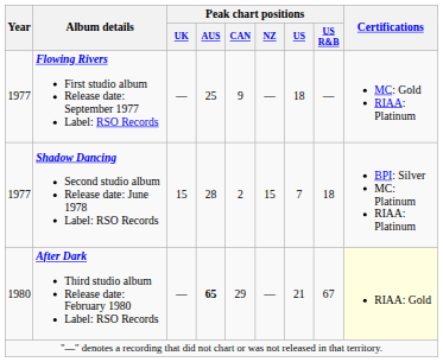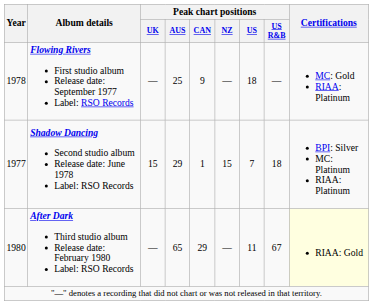 <table class="wikitable" style="text-align:center;">
 <tr>
 <th rowspan="2">Year</th>
 <th rowspan="2">Album details</th>
 <th colspan="6">Peak chart positions</th>
 <th rowspan="2"><a href='#'>Certifications</a></th>
 </tr>
 <tr style="font-size:smaller;">
 <th width="35"><a href='#'>UK</a><br></th>
 <th width="35"><a href='#'>AUS</a><br></th>
 <th width="35"><a href='#'>CAN</a><br></th>
 <th width="35"><a href='#'>NZ</a><br></th>
 <th width="35"><a href='#'>US</a><br></th>
 <th width="35"><a href='#'>US<br>R&B</a><br></th>
 </tr>
 <tr>
-<td>1977</td>
+<td>1978</td>
 <td style="text-align:left;"><strong><em><a href='#'>Flowing Rivers</a></em></strong><br><ul><li>First studio album</li><li>Release date: September 1977</li><li>Label: <a href='#'>RSO Records</a></li></ul></td>
 <td>—</td>
 <td>25</td>
 <td>9</td>
 <td>—</td>
 <td>18</td>
 <td>—</td>
 <td style="text-align:left;"><br><ul><li><a href='#'>MC</a>: Gold</li><li><a href='#'>RIAA</a>: Platinum</li></ul></td>
 </tr>
 <tr>
 <td>1977</td>
 <td style="text-align:left;"><strong><em><a href='#'>Shadow Dancing</a></em></strong><br><ul><li>Second studio album</li><li>Release date: June 1978</li><li>Label: RSO Records</li></ul></td>
 <td>15</td>
-<td>28</td>
-<td>2</td>
+<td>29</td>
+<td>1</td>
 <td>15</td>
 <td>7</td>
 <td>18</td>
 <td style="text-align:left;"><br><ul><li><a href='#'>BPI</a>: Silver</li><li>MC: Platinum</li><li>RIAA: Platinum</li></ul></td>
 </tr>
 <tr>
 <td>1980</td>
 <td style="text-align:left;"><strong><em><a href='#'>After Dark</a></em></strong><br><ul><li>Third studio album</li><li>Release date: February 1980</li><li>Label: RSO Records</li></ul></td>
 <td>—</td>
-<td><strong>65</strong></td>
+<td>65</td>
 <td>29</td>
 <td>—</td>
-<td>21</td>
+<td>11</td>
 <td>67</td>
 <td style="background: lightyellow; text-align:left;"><br><ul><li>RIAA: Gold</li></ul></td>
 </tr>
 <tr>
 <td colspan="15" style="font-size:90%">"—" denotes a recording that did not chart or was not released in that territory.</td>
 </tr>
 </table>
